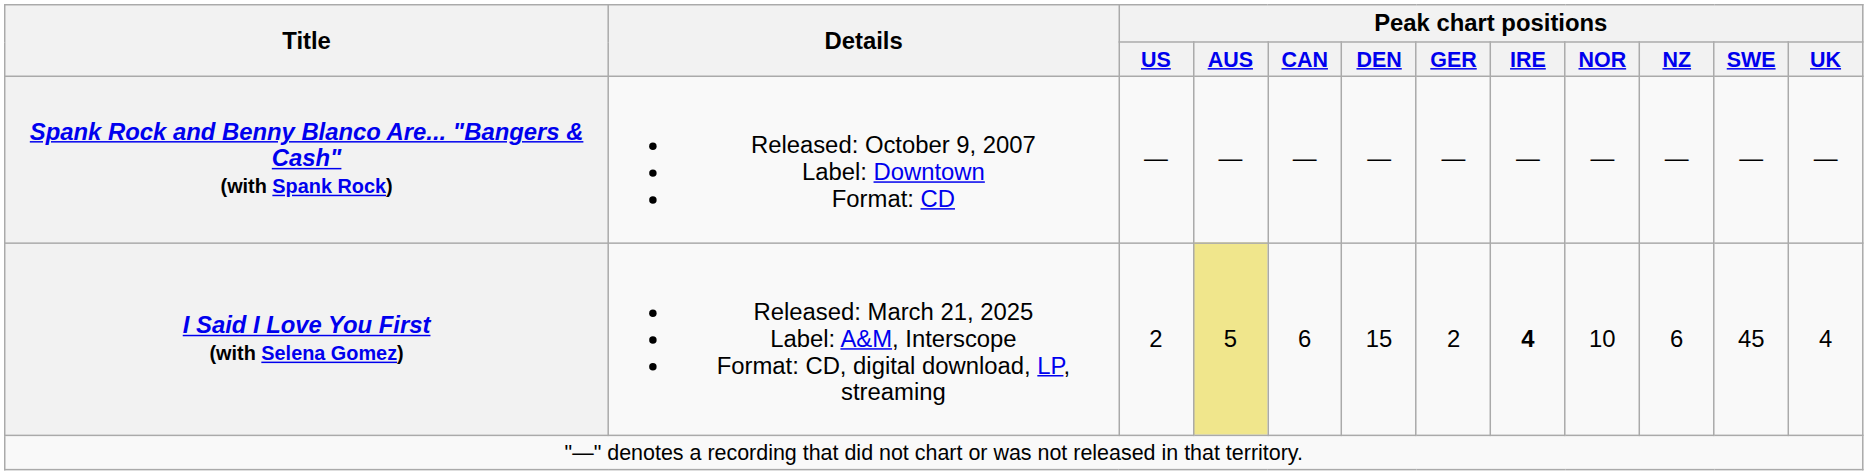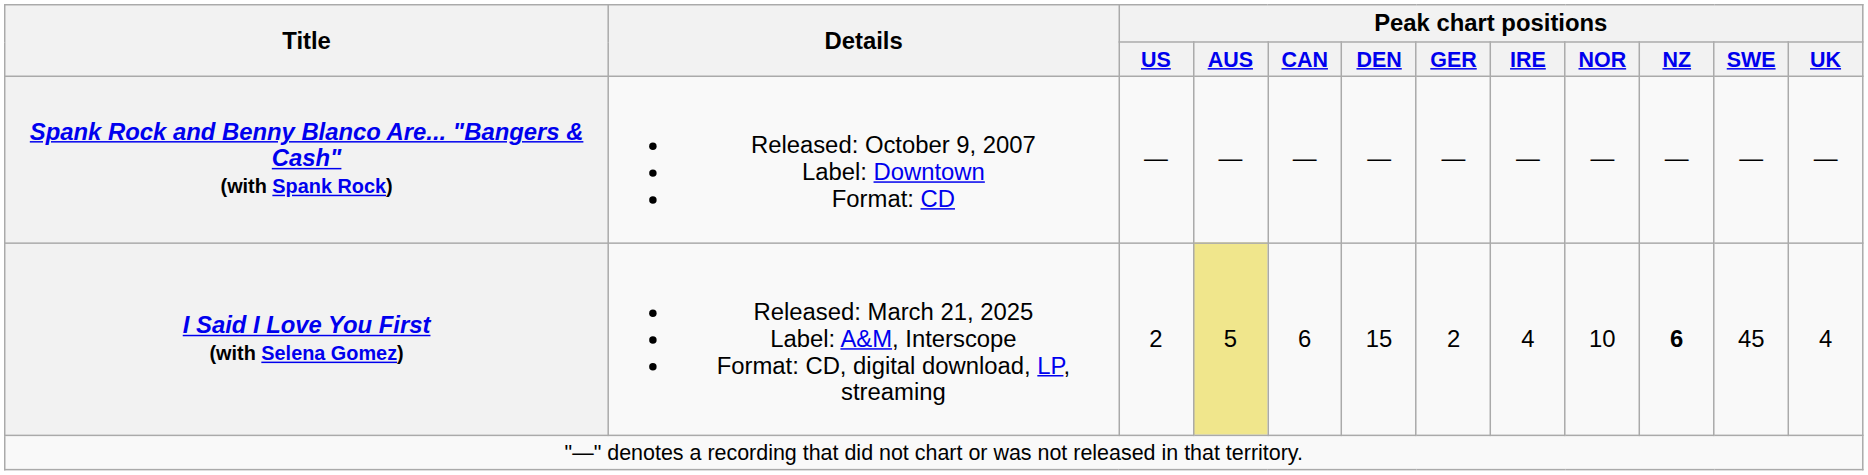 <table class="wikitable plainrowheaders" style="text-align:center;">
 <tr>
 <th scope="col" rowspan="2">Title</th>
 <th scope="col" rowspan="2">Details</th>
 <th scope="col" colspan="10">Peak chart positions</th>
 </tr>
 <tr>
 <th scope="col" style="width:3em;font-size:90%;"><a href='#'>US</a><br></th>
 <th scope="col" style="width:3em;font-size:90%;"><a href='#'>AUS</a><br></th>
 <th scope="col" style="width:3em;font-size:90%;"><a href='#'>CAN</a><br></th>
 <th scope="col" style="width:3em;font-size:90%;"><a href='#'>DEN</a><br></th>
 <th scope="col" style="width:3em;font-size:90%;"><a href='#'>GER</a><br></th>
 <th scope="col" style="width:3em;font-size:90%;"><a href='#'>IRE</a><br></th>
 <th scope="col" style="width:3em;font-size:90%;"><a href='#'>NOR</a><br></th>
 <th scope="col" style="width:3em;font-size:90%;"><a href='#'>NZ</a><br></th>
 <th scope="col" style="width:3em;font-size:90%;"><a href='#'>SWE</a><br></th>
 <th scope="col" style="width:3em;font-size:90%;"><a href='#'>UK</a><br></th>
 </tr>
 <tr>
 <th scope="row"><em><a href='#'>Spank Rock and Benny Blanco Are... "Bangers & Cash"</a></em><br><small>(with <a href='#'>Spank Rock</a>)</small></th>
 <td><br><ul><li>Released: October 9, 2007</li><li>Label: <a href='#'>Downtown</a></li><li>Format: <a href='#'>CD</a></li></ul></td>
 <td>—</td>
 <td>—</td>
 <td>—</td>
 <td>—</td>
 <td>—</td>
 <td>—</td>
 <td>—</td>
 <td>—</td>
 <td>—</td>
 <td>—</td>
 </tr>
 <tr>
 <th scope="row"><em><a href='#'>I Said I Love You First</a></em><br><small>(with <a href='#'>Selena Gomez</a>)</small></th>
 <td><br><ul><li>Released: March 21, 2025</li><li>Label: <a href='#'>A&M</a>, Interscope</li><li>Format: CD, digital download, <a href='#'>LP</a>, streaming</li></ul></td>
 <td>2</td>
 <td style="background: khaki;">5</td>
 <td>6</td>
 <td>15<br></td>
 <td>2</td>
-<td><strong>4</strong></td>
+<td>4</td>
 <td>10<br></td>
-<td>6<br></td>
+<td><strong>6<br></strong></td>
 <td>45<br></td>
 <td>4</td>
 </tr>
 <tr>
 <td colspan="14" style="font-size:90%">"—" denotes a recording that did not chart or was not released in that territory.</td>
 </tr>
 </table>
